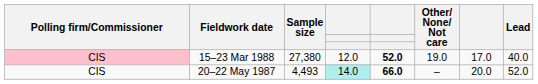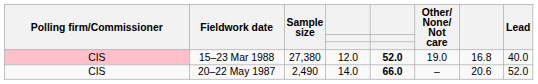 <table class="wikitable collapsible collapsed" style="text-align:center; font-size:90%; line-height:14px;">
 <tr style="height:42px;">
 <th style="width:250px;" rowspan="3">Polling firm/Commissioner</th>
 <th style="width:125px;" rowspan="3">Fieldwork date</th>
 <th style="width:50px;" rowspan="3">Sample size</th>
 <th style="width:55px;"></th>
 <th style="width:55px;"></th>
 <th style="width:55px;" rowspan="3">Other/<br>None/<br>Not<br>care</th>
 <th style="width:55px;" rowspan="3"></th>
 <th style="width:30px;" rowspan="3">Lead</th>
 </tr>
 <tr>
 <th style="color:inherit;background:"></th>
 <th style="color:inherit;background:"></th>
 </tr>
 <tr>
 <th></th>
 <th></th>
 </tr>
 <tr>
 <td style="background: pink;">CIS</td>
 <td>15–23 Mar 1988</td>
 <td>27,380</td>
 <td>12.0</td>
 <td><strong>52.0</strong></td>
 <td>19.0</td>
-<td>17.0</td>
+<td>16.8</td>
 <td style="background:">40.0</td>
 </tr>
 <tr>
 <td>CIS</td>
 <td>20–22 May 1987</td>
-<td>4,493</td>
-<td style="background: paleturquoise;">14.0</td>
+<td>2,490</td>
+<td>14.0</td>
 <td><strong>66.0</strong></td>
 <td>–</td>
-<td>20.0</td>
+<td>20.6</td>
 <td style="background:">52.0</td>
 </tr>
 </table>
